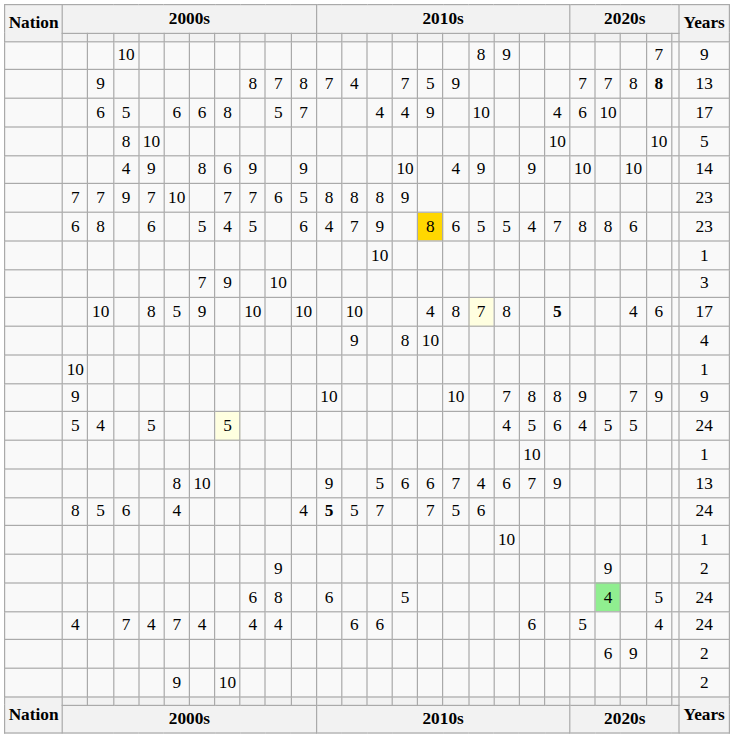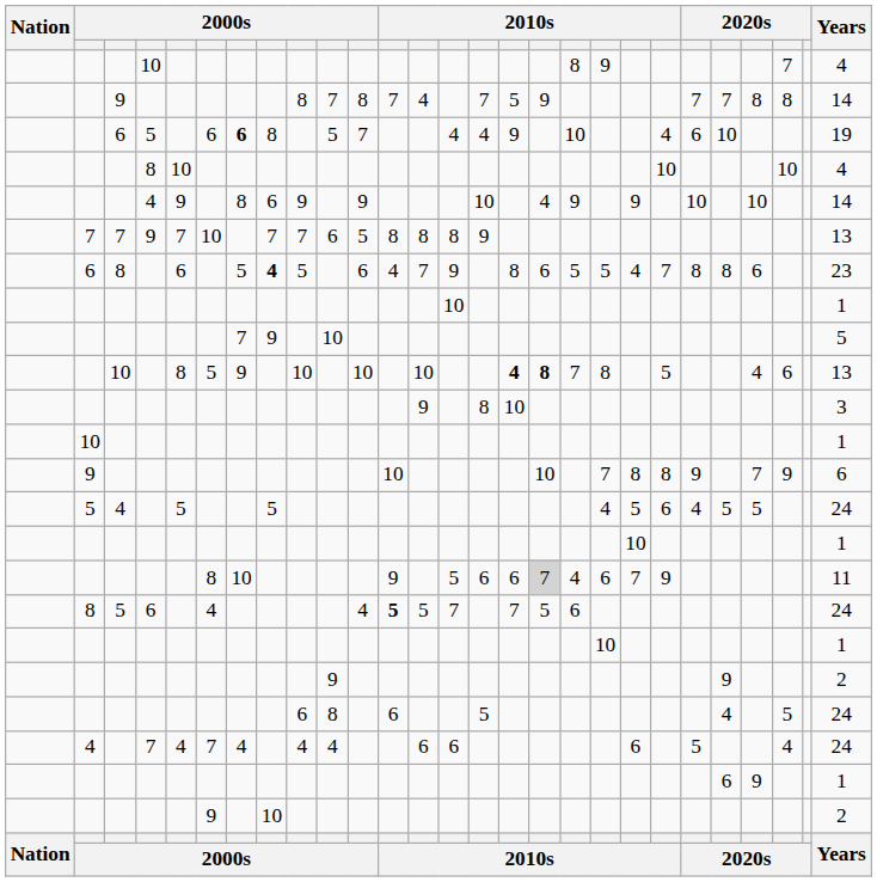 <table class="wikitable" style="text-align:center; font-size:90%;">
 <tr>
 <th rowspan=2>Nation</th>
 <th colspan="10">2000s</th>
 <th colspan="10">2010s</th>
 <th colspan=5>2020s</th>
 <th rowspan=2>Years</th>
 </tr>
 <tr>
 <th></th>
 <th></th>
 <th></th>
 <th></th>
 <th></th>
 <th></th>
 <th></th>
 <th></th>
 <th></th>
 <th></th>
 <th></th>
 <th></th>
 <th></th>
 <th></th>
 <th></th>
 <th></th>
 <th></th>
 <th></th>
 <th></th>
 <th></th>
 <th></th>
 <th></th>
 <th></th>
 <th></th>
 <th></th>
 </tr>
 <tr>
 <td align=left></td>
 <td></td>
 <td></td>
 <td>10</td>
 <td></td>
 <td></td>
 <td></td>
 <td></td>
 <td></td>
 <td></td>
 <td></td>
 <td></td>
 <td></td>
 <td></td>
 <td></td>
 <td></td>
 <td></td>
 <td>8</td>
 <td>9</td>
 <td></td>
 <td></td>
 <td></td>
 <td></td>
 <td></td>
 <td>7</td>
 <td></td>
-<td>9</td>
+<td>4</td>
 </tr>
 <tr>
 <td align="left"></td>
 <td></td>
 <td>9</td>
 <td></td>
 <td></td>
 <td></td>
 <td></td>
 <td></td>
 <td>8</td>
 <td>7</td>
 <td>8</td>
 <td>7</td>
 <td>4</td>
 <td></td>
 <td>7</td>
 <td>5</td>
 <td>9</td>
 <td></td>
 <td></td>
 <td></td>
 <td></td>
 <td>7</td>
 <td>7</td>
 <td>8</td>
-<td><strong>8</strong></td>
+<td>8</td>
 <td></td>
-<td>13</td>
+<td>14</td>
 </tr>
 <tr>
 <td align="left"></td>
 <td></td>
 <td>6</td>
 <td>5</td>
 <td></td>
 <td>6</td>
-<td>6</td>
+<td><strong>6</strong></td>
 <td>8</td>
 <td></td>
 <td>5</td>
 <td>7</td>
 <td></td>
 <td></td>
 <td>4</td>
 <td>4</td>
 <td>9</td>
 <td></td>
 <td>10</td>
 <td></td>
 <td></td>
 <td>4</td>
 <td>6</td>
 <td>10</td>
 <td></td>
 <td></td>
 <td></td>
-<td>17</td>
+<td>19</td>
 </tr>
 <tr>
 <td align="left"></td>
 <td></td>
 <td></td>
 <td>8</td>
 <td>10</td>
 <td></td>
 <td></td>
 <td></td>
 <td></td>
 <td></td>
 <td></td>
 <td></td>
 <td></td>
 <td></td>
 <td></td>
 <td></td>
 <td></td>
 <td></td>
 <td></td>
 <td></td>
 <td>10</td>
 <td></td>
 <td></td>
 <td></td>
 <td>10</td>
 <td></td>
-<td>5</td>
+<td>4</td>
 </tr>
 <tr>
 <td align="left"></td>
 <td></td>
 <td></td>
 <td>4</td>
 <td>9</td>
 <td></td>
 <td>8</td>
 <td>6</td>
 <td>9</td>
 <td></td>
 <td>9</td>
 <td></td>
 <td></td>
 <td></td>
 <td>10</td>
 <td></td>
 <td>4</td>
 <td>9</td>
 <td></td>
 <td>9</td>
 <td></td>
 <td>10</td>
 <td></td>
 <td>10</td>
 <td></td>
 <td></td>
 <td>14</td>
 </tr>
 <tr>
 <td align="left"></td>
 <td>7</td>
 <td>7</td>
 <td>9</td>
 <td>7</td>
 <td>10</td>
 <td></td>
 <td>7</td>
 <td>7</td>
 <td>6</td>
 <td>5</td>
 <td>8</td>
 <td>8</td>
 <td>8</td>
 <td>9</td>
 <td></td>
 <td></td>
 <td></td>
 <td></td>
 <td></td>
 <td></td>
 <td></td>
 <td></td>
 <td></td>
 <td></td>
 <td></td>
-<td>23</td>
+<td>13</td>
 </tr>
 <tr>
 <td align="left"></td>
 <td>6</td>
 <td>8</td>
 <td></td>
 <td>6</td>
 <td></td>
 <td>5</td>
-<td>4</td>
+<td><strong>4</strong></td>
 <td>5</td>
 <td></td>
 <td>6</td>
 <td>4</td>
 <td>7</td>
 <td>9</td>
 <td></td>
-<td style="background: gold;">8</td>
+<td>8</td>
 <td>6</td>
 <td>5</td>
 <td>5</td>
 <td>4</td>
 <td>7</td>
 <td>8</td>
 <td>8</td>
 <td>6</td>
 <td></td>
 <td></td>
 <td>23</td>
 </tr>
 <tr>
 <td align=left></td>
 <td></td>
 <td></td>
 <td></td>
 <td></td>
 <td></td>
 <td></td>
 <td></td>
 <td></td>
 <td></td>
 <td></td>
 <td></td>
 <td></td>
 <td>10</td>
 <td></td>
 <td></td>
 <td></td>
 <td></td>
 <td></td>
 <td></td>
 <td></td>
 <td></td>
 <td></td>
 <td></td>
 <td></td>
 <td></td>
 <td>1</td>
 </tr>
 <tr>
 <td align=left></td>
 <td></td>
 <td></td>
 <td></td>
 <td></td>
 <td></td>
 <td>7</td>
 <td>9</td>
 <td></td>
 <td>10</td>
 <td></td>
 <td></td>
 <td></td>
 <td></td>
 <td></td>
 <td></td>
 <td></td>
 <td></td>
 <td></td>
 <td></td>
 <td></td>
 <td></td>
 <td></td>
 <td></td>
 <td></td>
 <td></td>
-<td>3</td>
+<td>5</td>
 </tr>
 <tr>
 <td align=left></td>
 <td></td>
 <td>10</td>
 <td></td>
 <td>8</td>
 <td>5</td>
 <td>9</td>
 <td></td>
 <td>10</td>
 <td></td>
 <td>10</td>
 <td></td>
 <td>10</td>
 <td></td>
 <td></td>
-<td>4</td>
-<td>8</td>
-<td style="background: lightyellow;">7</td>
+<td><strong>4</strong></td>
+<td><strong>8</strong></td>
+<td>7</td>
 <td>8</td>
 <td></td>
-<td><strong>5</strong></td>
+<td>5</td>
 <td></td>
 <td></td>
 <td>4</td>
 <td>6</td>
 <td></td>
-<td>17</td>
+<td>13</td>
 </tr>
 <tr>
 <td align=left></td>
 <td></td>
 <td></td>
 <td></td>
 <td></td>
 <td></td>
 <td></td>
 <td></td>
 <td></td>
 <td></td>
 <td></td>
 <td></td>
 <td>9</td>
 <td></td>
 <td>8</td>
 <td>10</td>
 <td></td>
 <td></td>
 <td></td>
 <td></td>
 <td></td>
 <td></td>
 <td></td>
 <td></td>
 <td></td>
 <td></td>
-<td>4</td>
+<td>3</td>
 </tr>
 <tr>
 <td align=left></td>
 <td>10</td>
 <td></td>
 <td></td>
 <td></td>
 <td></td>
 <td></td>
 <td></td>
 <td></td>
 <td></td>
 <td></td>
 <td></td>
 <td></td>
 <td></td>
 <td></td>
 <td></td>
 <td></td>
 <td></td>
 <td></td>
 <td></td>
 <td></td>
 <td></td>
 <td></td>
 <td></td>
 <td></td>
 <td></td>
 <td>1</td>
 </tr>
 <tr>
 <td align=left></td>
 <td>9</td>
 <td></td>
 <td></td>
 <td></td>
 <td></td>
 <td></td>
 <td></td>
 <td></td>
 <td></td>
 <td></td>
 <td>10</td>
 <td></td>
 <td></td>
 <td></td>
 <td></td>
 <td>10</td>
 <td></td>
 <td>7</td>
 <td>8</td>
 <td>8</td>
 <td>9</td>
 <td></td>
 <td>7</td>
 <td>9</td>
 <td></td>
-<td>9</td>
+<td>6</td>
 </tr>
 <tr>
 <td align=left></td>
 <td>5</td>
 <td>4</td>
 <td></td>
 <td>5</td>
 <td></td>
 <td></td>
-<td style="background: lightyellow;">5</td>
+<td>5</td>
 <td></td>
 <td></td>
 <td></td>
 <td></td>
 <td></td>
 <td></td>
 <td></td>
 <td></td>
 <td></td>
 <td></td>
 <td>4</td>
 <td>5</td>
 <td>6</td>
 <td>4</td>
 <td>5</td>
 <td>5</td>
 <td></td>
 <td></td>
 <td>24</td>
 </tr>
 <tr>
 <td align=left></td>
 <td></td>
 <td></td>
 <td></td>
 <td></td>
 <td></td>
 <td></td>
 <td></td>
 <td></td>
 <td></td>
 <td></td>
 <td></td>
 <td></td>
 <td></td>
 <td></td>
 <td></td>
 <td></td>
 <td></td>
 <td></td>
 <td>10</td>
 <td></td>
 <td></td>
 <td></td>
 <td></td>
 <td></td>
 <td></td>
 <td>1</td>
 </tr>
 <tr>
 <td align=left></td>
 <td></td>
 <td></td>
 <td></td>
 <td></td>
 <td>8</td>
 <td>10</td>
 <td></td>
 <td></td>
 <td></td>
 <td></td>
 <td>9</td>
 <td></td>
 <td>5</td>
 <td>6</td>
 <td>6</td>
-<td>7</td>
+<td style="background: lightgrey;">7</td>
 <td>4</td>
 <td>6</td>
 <td>7</td>
 <td>9</td>
 <td></td>
 <td></td>
 <td></td>
 <td></td>
 <td></td>
-<td>13</td>
+<td>11</td>
 </tr>
 <tr>
 <td align=left></td>
 <td>8</td>
 <td>5</td>
 <td>6</td>
 <td></td>
 <td>4</td>
 <td></td>
 <td></td>
 <td></td>
 <td></td>
 <td>4</td>
 <td><strong>5</strong></td>
 <td>5</td>
 <td>7</td>
 <td></td>
 <td>7</td>
 <td>5</td>
 <td>6</td>
 <td></td>
 <td></td>
 <td></td>
 <td></td>
 <td></td>
 <td></td>
 <td></td>
 <td></td>
 <td>24</td>
 </tr>
 <tr>
 <td align=left></td>
 <td></td>
 <td></td>
 <td></td>
 <td></td>
 <td></td>
 <td></td>
 <td></td>
 <td></td>
 <td></td>
 <td></td>
 <td></td>
 <td></td>
 <td></td>
 <td></td>
 <td></td>
 <td></td>
 <td></td>
 <td>10</td>
 <td></td>
 <td></td>
 <td></td>
 <td></td>
 <td></td>
 <td></td>
 <td></td>
 <td>1</td>
 </tr>
 <tr>
 <td align=left></td>
 <td></td>
 <td></td>
 <td></td>
 <td></td>
 <td></td>
 <td></td>
 <td></td>
 <td></td>
 <td>9</td>
 <td></td>
 <td></td>
 <td></td>
 <td></td>
 <td></td>
 <td></td>
 <td></td>
 <td></td>
 <td></td>
 <td></td>
 <td></td>
 <td></td>
 <td>9</td>
 <td></td>
 <td></td>
 <td></td>
 <td>2</td>
 </tr>
 <tr>
 <td align=left></td>
 <td></td>
 <td></td>
 <td></td>
 <td></td>
 <td></td>
 <td></td>
 <td></td>
 <td>6</td>
 <td>8</td>
 <td></td>
 <td>6</td>
 <td></td>
 <td></td>
 <td>5</td>
 <td></td>
 <td></td>
 <td></td>
 <td></td>
 <td></td>
 <td></td>
 <td></td>
-<td style="background: lightgreen;">4</td>
+<td>4</td>
 <td></td>
 <td>5</td>
 <td></td>
 <td>24</td>
 </tr>
 <tr>
 <td align=left></td>
 <td>4</td>
 <td></td>
 <td>7</td>
 <td>4</td>
 <td>7</td>
 <td>4</td>
 <td></td>
 <td>4</td>
 <td>4</td>
 <td></td>
 <td></td>
 <td>6</td>
 <td>6</td>
 <td></td>
 <td></td>
 <td></td>
 <td></td>
 <td></td>
 <td>6</td>
 <td></td>
 <td>5</td>
 <td></td>
 <td></td>
 <td>4</td>
 <td></td>
 <td>24</td>
 </tr>
 <tr>
 <td align=left></td>
 <td></td>
 <td></td>
 <td></td>
 <td></td>
 <td></td>
 <td></td>
 <td></td>
 <td></td>
 <td></td>
 <td></td>
 <td></td>
 <td></td>
 <td></td>
 <td></td>
 <td></td>
 <td></td>
 <td></td>
 <td></td>
 <td></td>
 <td></td>
 <td></td>
 <td>6</td>
 <td>9</td>
 <td></td>
 <td></td>
-<td>2</td>
+<td>1</td>
 </tr>
 <tr>
 <td align=left></td>
 <td></td>
 <td></td>
 <td></td>
 <td></td>
 <td>9</td>
 <td></td>
 <td>10</td>
 <td></td>
 <td></td>
 <td></td>
 <td></td>
 <td></td>
 <td></td>
 <td></td>
 <td></td>
 <td></td>
 <td></td>
 <td></td>
 <td></td>
 <td></td>
 <td></td>
 <td></td>
 <td></td>
 <td></td>
 <td></td>
 <td>2</td>
 </tr>
 <tr>
 <th rowspan=2>Nation</th>
 <th></th>
 <th></th>
 <th></th>
 <th></th>
 <th></th>
 <th></th>
 <th></th>
 <th></th>
 <th></th>
 <th></th>
 <th></th>
 <th></th>
 <th></th>
 <th></th>
 <th></th>
 <th></th>
 <th></th>
 <th></th>
 <th></th>
 <th></th>
 <th></th>
 <th></th>
 <th></th>
 <th></th>
 <th></th>
 <th rowspan=2>Years</th>
 </tr>
 <tr>
 <th colspan="10">2000s</th>
 <th colspan="10">2010s</th>
 <th colspan=5>2020s</th>
 </tr>
 </table>
